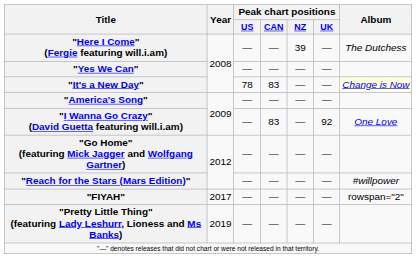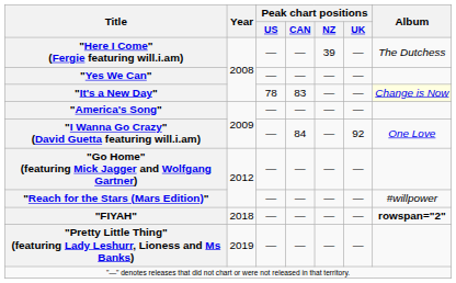 <table class="wikitable plainrowheaders" style="text-align:center;" border="1">
 <tr>
 <th scope="col" rowspan="2" style="width:20em;">Title</th>
 <th scope="col" rowspan="2">Year</th>
 <th scope="col" colspan="4">Peak chart positions</th>
 <th scope="col" rowspan="2">Album</th>
 </tr>
 <tr>
 <th scope="col" style="width:2.5em;font-size:90%;"><a href='#'>US</a><br></th>
 <th scope="col" style="width:2.5em;font-size:90%;"><a href='#'>CAN</a><br></th>
 <th scope="col" style="width:2.5em;font-size:90%;"><a href='#'>NZ</a><br></th>
 <th scope="col" style="width:2.5em;font-size:90%;"><a href='#'>UK</a><br></th>
 </tr>
 <tr>
 <th scope="row">"<a href='#'>Here I Come</a>"<br><span>(<a href='#'>Fergie</a> featuring will.i.am)</span></th>
 <td rowspan="3">2008</td>
 <td>—</td>
 <td>—</td>
 <td>39</td>
 <td>—</td>
 <td><em>The Dutchess</em></td>
 </tr>
 <tr>
 <th scope="row">"<a href='#'>Yes We Can</a>"</th>
 <td>—</td>
 <td>—</td>
 <td>—</td>
 <td>—</td>
 <td></td>
 </tr>
 <tr>
 <th scope="row">"<a href='#'>It's a New Day</a>"</th>
 <td>78</td>
 <td>83</td>
 <td>—</td>
 <td>—</td>
 <td style="background: lightyellow;"><em><a href='#'>Change is Now</a></em></td>
 </tr>
 <tr>
 <th scope="row">"<a href='#'>America's Song</a>"</th>
 <td rowspan="2">2009</td>
 <td>—</td>
 <td>—</td>
 <td>—</td>
 <td>—</td>
 <td></td>
 </tr>
 <tr>
 <th scope="row">"<a href='#'>I Wanna Go Crazy</a>"<br><span>(<a href='#'>David Guetta</a> featuring will.i.am)</span></th>
 <td>—</td>
-<td>83</td>
+<td>84</td>
 <td>—</td>
 <td>92</td>
 <td><em><a href='#'>One Love</a></em></td>
 </tr>
 <tr>
 <th scope="row">"Go Home"<br><span>(featuring <a href='#'>Mick Jagger</a> and <a href='#'>Wolfgang Gartner</a>)</span></th>
 <td rowspan="2">2012</td>
 <td>—</td>
 <td>—</td>
 <td>—</td>
 <td>—</td>
 <td></td>
 </tr>
 <tr>
 <th scope="row">"<a href='#'>Reach for the Stars (Mars Edition)</a>"</th>
 <td>—</td>
 <td>—</td>
 <td>—</td>
 <td>—</td>
 <td><em>#willpower</em></td>
 </tr>
 <tr>
 <th scope="row">"FIYAH"</th>
-<td>2017</td>
+<td>2018</td>
 <td>—</td>
 <td>—</td>
 <td>—</td>
 <td>—</td>
-<td>rowspan="2" </td>
+<td><strong>rowspan="2" </strong></td>
 </tr>
 <tr>
 <th scope="row">"Pretty Little Thing"<br><span>(featuring <a href='#'>Lady Leshurr</a>, Lioness and <a href='#'>Ms Banks</a>)</span></th>
 <td>2019</td>
 <td>—</td>
 <td>—</td>
 <td>—</td>
 <td>—</td>
 </tr>
 <tr>
 <td align="center" colspan="15" style="font-size:8pt">"—" denotes releases that did not chart or were not released in that territory.</td>
 </tr>
 </table>
